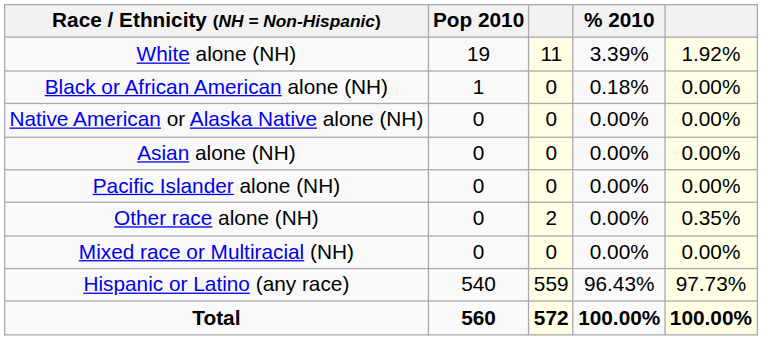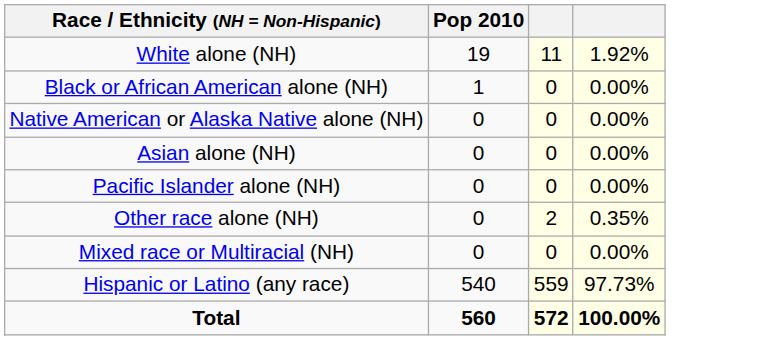 <table class="wikitable" style="text-align:center;">
 <tr>
 <th>Race / Ethnicity <small>(<em>NH = Non-Hispanic</em>)</small></th>
 <th>Pop 2010</th>
 <th></th>
-<th>% 2010</th>
 <th></th>
 </tr>
 <tr>
 <td><a href='#'>White</a> alone (NH)</td>
 <td>19</td>
 <td style='background: #ffffe6;'>11</td>
-<td>3.39%</td>
 <td style='background: #ffffe6;'>1.92%</td>
 </tr>
 <tr>
 <td><a href='#'>Black or African American</a> alone (NH)</td>
 <td>1</td>
 <td style='background: #ffffe6;'>0</td>
-<td>0.18%</td>
 <td style='background: #ffffe6;'>0.00%</td>
 </tr>
 <tr>
 <td><a href='#'>Native American</a> or <a href='#'>Alaska Native</a> alone (NH)</td>
 <td>0</td>
 <td style='background: #ffffe6;'>0</td>
-<td>0.00%</td>
 <td style='background: #ffffe6;'>0.00%</td>
 </tr>
 <tr>
 <td><a href='#'>Asian</a> alone (NH)</td>
 <td>0</td>
 <td style='background: #ffffe6;'>0</td>
-<td>0.00%</td>
 <td style='background: #ffffe6;'>0.00%</td>
 </tr>
 <tr>
 <td><a href='#'>Pacific Islander</a> alone (NH)</td>
 <td>0</td>
 <td style='background: #ffffe6;'>0</td>
-<td>0.00%</td>
 <td style='background: #ffffe6;'>0.00%</td>
 </tr>
 <tr>
 <td><a href='#'>Other race</a> alone (NH)</td>
 <td>0</td>
 <td style='background: #ffffe6;'>2</td>
-<td>0.00%</td>
 <td style='background: #ffffe6;'>0.35%</td>
 </tr>
 <tr>
 <td><a href='#'>Mixed race or Multiracial</a> (NH)</td>
 <td>0</td>
 <td style='background: #ffffe6;'>0</td>
-<td>0.00%</td>
 <td style='background: #ffffe6;'>0.00%</td>
 </tr>
 <tr>
 <td><a href='#'>Hispanic or Latino</a> (any race)</td>
 <td>540</td>
 <td style='background: #ffffe6;'>559</td>
-<td>96.43%</td>
 <td style='background: #ffffe6;'>97.73%</td>
 </tr>
 <tr>
 <td><strong>Total</strong></td>
 <td><strong>560</strong></td>
 <td style='background: #ffffe6;'><strong>572</strong></td>
-<td><strong>100.00%</strong></td>
 <td style='background: #ffffe6;'><strong>100.00%</strong></td>
 </tr>
 </table>
